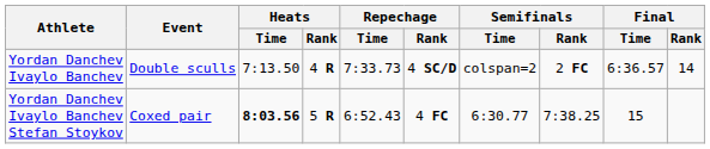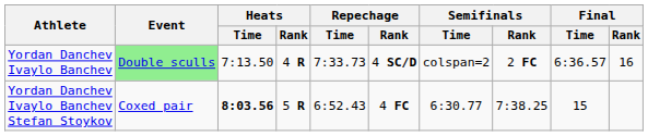 <table class="wikitable" style="font-size:90%; text-align:center;">
 <tr>
 <th rowspan="2">Athlete</th>
 <th rowspan="2">Event</th>
 <th colspan="2">Heats</th>
 <th colspan="2">Repechage</th>
 <th colspan="2">Semifinals</th>
 <th colspan="2">Final</th>
 </tr>
 <tr style="font-size:95%">
 <th>Time</th>
 <th>Rank</th>
 <th>Time</th>
 <th>Rank</th>
 <th>Time</th>
 <th>Rank</th>
 <th>Time</th>
 <th>Rank</th>
 </tr>
 <tr>
 <td align=left><a href='#'>Yordan Danchev</a><br><a href='#'>Ivaylo Banchev</a></td>
-<td align=left><a href='#'>Double sculls</a></td>
+<td align=left style="background: lightgreen;"><a href='#'>Double sculls</a></td>
 <td>7:13.50</td>
 <td>4 <strong>R</strong></td>
 <td>7:33.73</td>
 <td>4 <strong>SC/D</strong></td>
 <td>colspan=2 </td>
 <td>2 <strong>FC</strong></td>
 <td>6:36.57</td>
-<td>14</td>
+<td>16</td>
 </tr>
 <tr>
 <td align=left><a href='#'>Yordan Danchev</a><br><a href='#'>Ivaylo Banchev</a><br><a href='#'>Stefan Stoykov</a></td>
 <td align=left><a href='#'>Coxed pair</a></td>
 <td><strong>8:03.56</strong></td>
 <td>5 <strong>R</strong></td>
 <td>6:52.43</td>
 <td>4 <strong>FC</strong></td>
 <td>6:30.77</td>
 <td>7:38.25</td>
 <td>15</td>
 </tr>
 </table>
